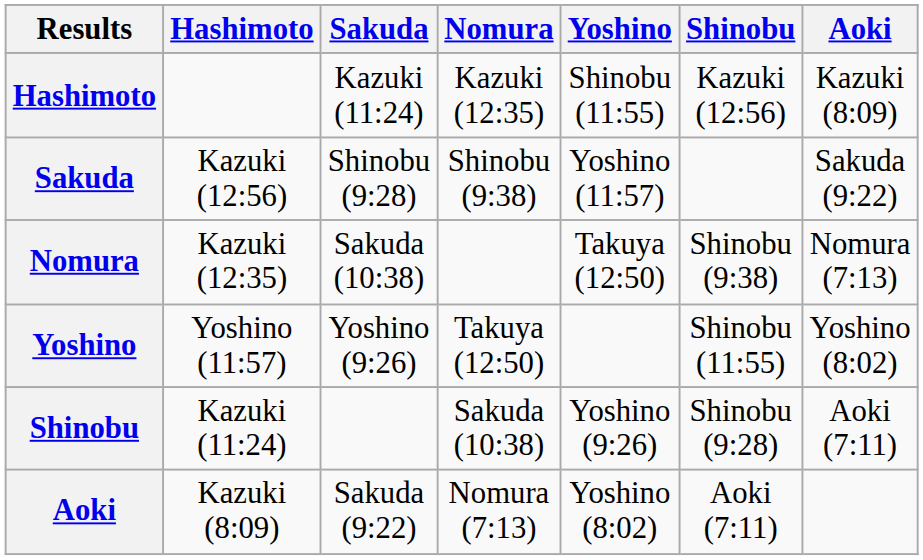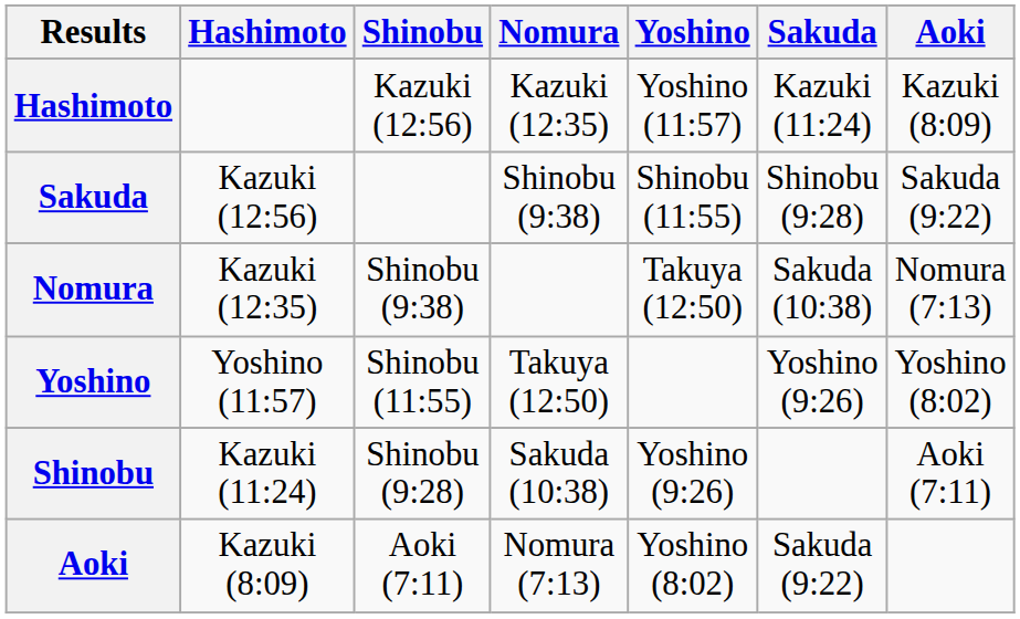 <table class="wikitable" style="margin: 1em auto 1em auto">
 <tr align="center">
 <th>Results</th>
 <th><a href='#'>Hashimoto</a></th>
-<th><a href='#'>Sakuda</a></th>
+<th><a href='#'>Shinobu</a></th>
 <th><a href='#'>Nomura</a></th>
 <th><a href='#'>Yoshino</a></th>
-<th><a href='#'>Shinobu</a></th>
+<th><a href='#'>Sakuda</a></th>
 <th><a href='#'>Aoki</a></th>
 </tr>
 <tr align="center">
 <th><a href='#'>Hashimoto</a></th>
 <td></td>
+<td>Kazuki<br>(12:56)</td>
+<td>Kazuki<br>(12:35)</td>
+<td>Yoshino<br>(11:57)</td>
 <td>Kazuki<br>(11:24)</td>
-<td>Kazuki<br>(12:35)</td>
-<td>Shinobu<br>(11:55)</td>
-<td>Kazuki<br>(12:56)</td>
 <td>Kazuki<br>(8:09)</td>
 </tr>
 <tr align="center">
 <th><a href='#'>Sakuda</a></th>
 <td>Kazuki<br>(12:56)</td>
+<td></td>
+<td>Shinobu<br>(9:38)</td>
+<td>Shinobu<br>(11:55)</td>
 <td>Shinobu<br>(9:28)</td>
-<td>Shinobu<br>(9:38)</td>
-<td>Yoshino<br>(11:57)</td>
-<td></td>
 <td>Sakuda<br>(9:22)</td>
 </tr>
 <tr align="center">
 <th><a href='#'>Nomura</a></th>
 <td>Kazuki<br>(12:35)</td>
-<td>Sakuda<br>(10:38)</td>
+<td>Shinobu<br>(9:38)</td>
 <td></td>
 <td>Takuya<br>(12:50)</td>
-<td>Shinobu<br>(9:38)</td>
+<td>Sakuda<br>(10:38)</td>
 <td>Nomura<br>(7:13)</td>
 </tr>
 <tr align="center">
 <th><a href='#'>Yoshino</a></th>
 <td>Yoshino<br>(11:57)</td>
-<td>Yoshino<br>(9:26)</td>
+<td>Shinobu<br>(11:55)</td>
 <td>Takuya<br>(12:50)</td>
 <td></td>
-<td>Shinobu<br>(11:55)</td>
+<td>Yoshino<br>(9:26)</td>
 <td>Yoshino<br>(8:02)</td>
 </tr>
 <tr align="center">
 <th><a href='#'>Shinobu</a></th>
 <td>Kazuki<br>(11:24)</td>
-<td></td>
+<td>Shinobu<br>(9:28)</td>
 <td>Sakuda<br>(10:38)</td>
 <td>Yoshino<br>(9:26)</td>
-<td>Shinobu<br>(9:28)</td>
+<td></td>
 <td>Aoki<br>(7:11)</td>
 </tr>
 <tr align="center">
 <th><a href='#'>Aoki</a></th>
 <td>Kazuki<br>(8:09)</td>
-<td>Sakuda<br>(9:22)</td>
+<td>Aoki<br>(7:11)</td>
 <td>Nomura<br>(7:13)</td>
 <td>Yoshino<br>(8:02)</td>
-<td>Aoki<br>(7:11)</td>
+<td>Sakuda<br>(9:22)</td>
 <td></td>
 </tr>
 </table>
